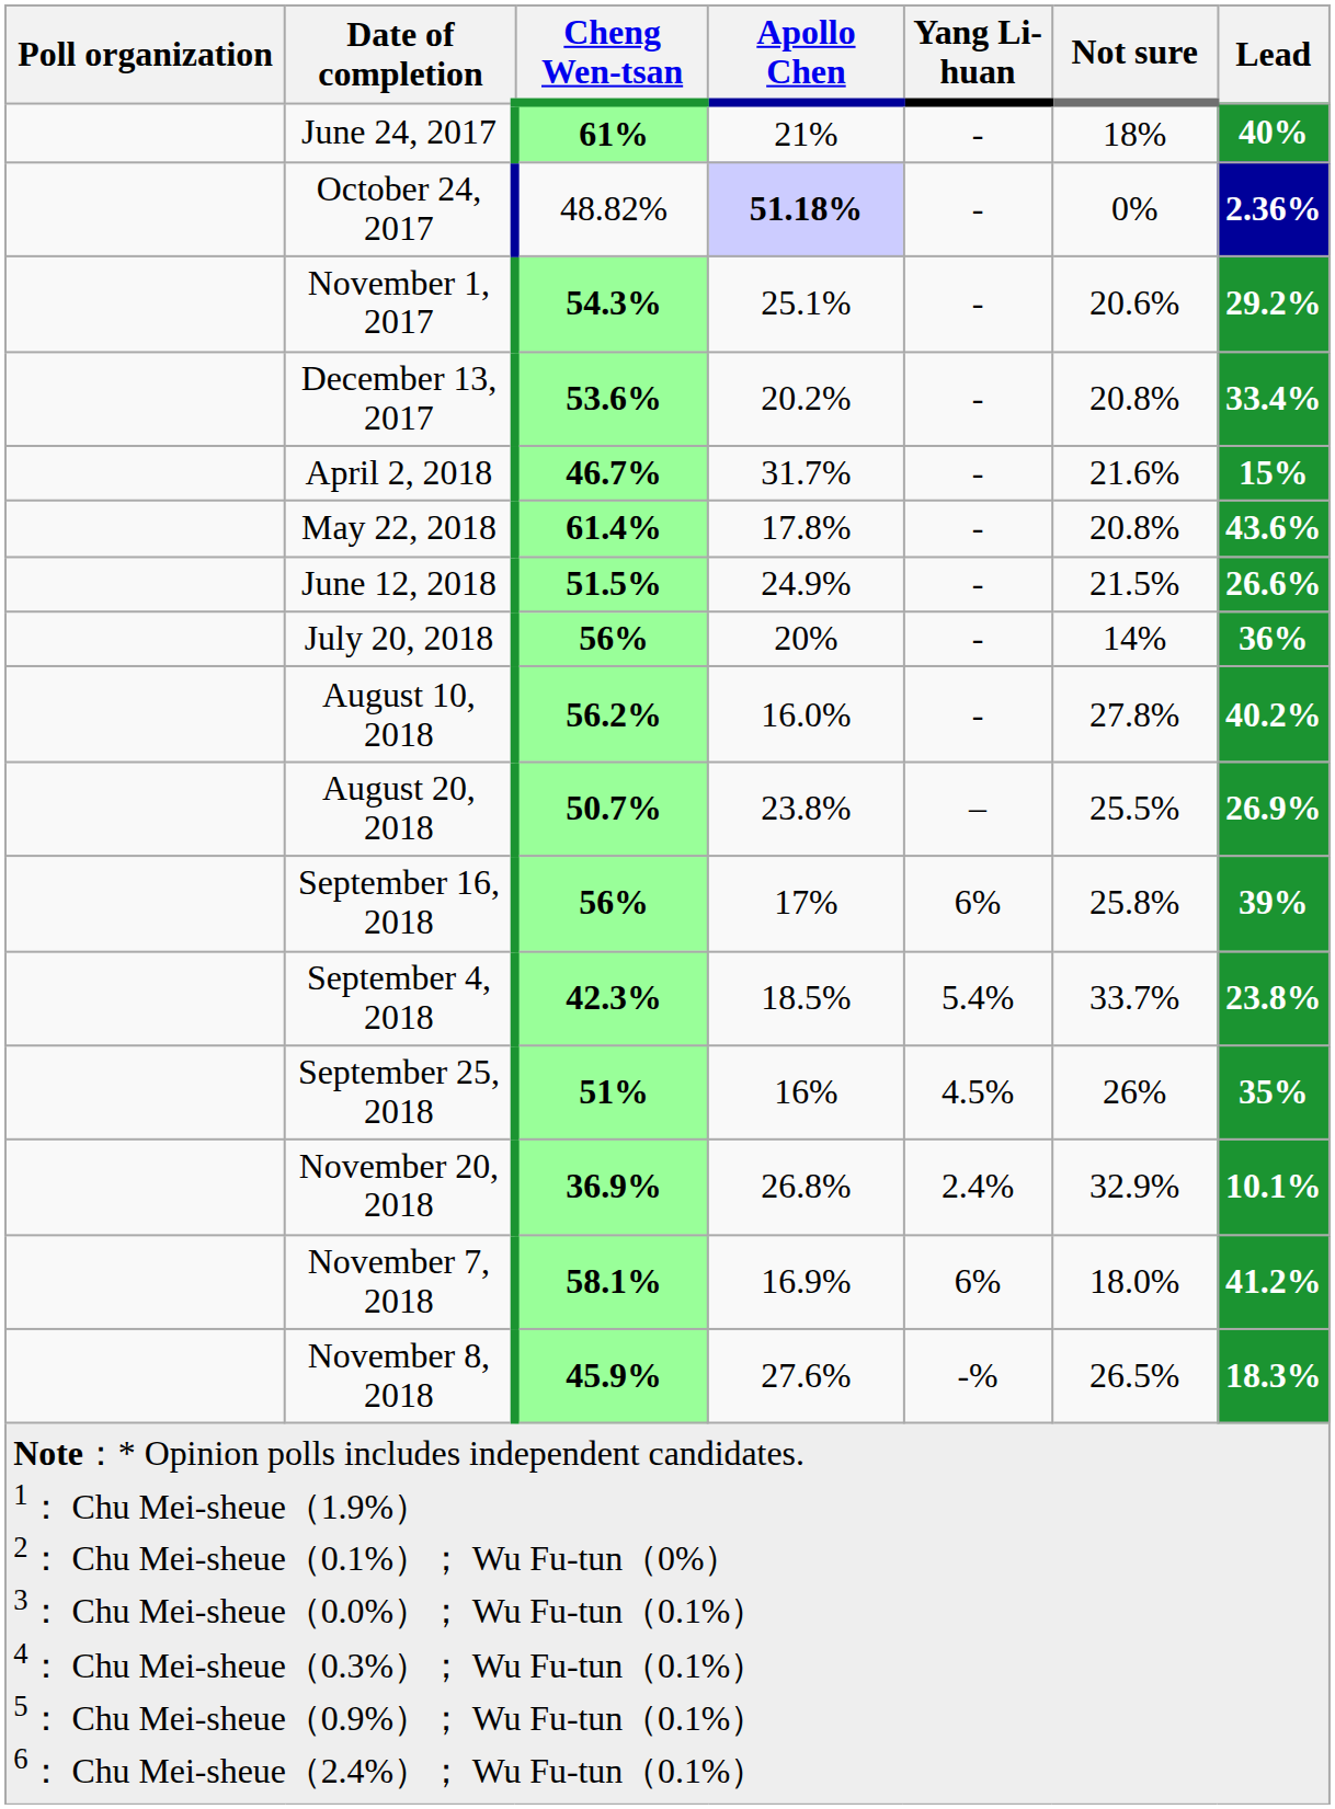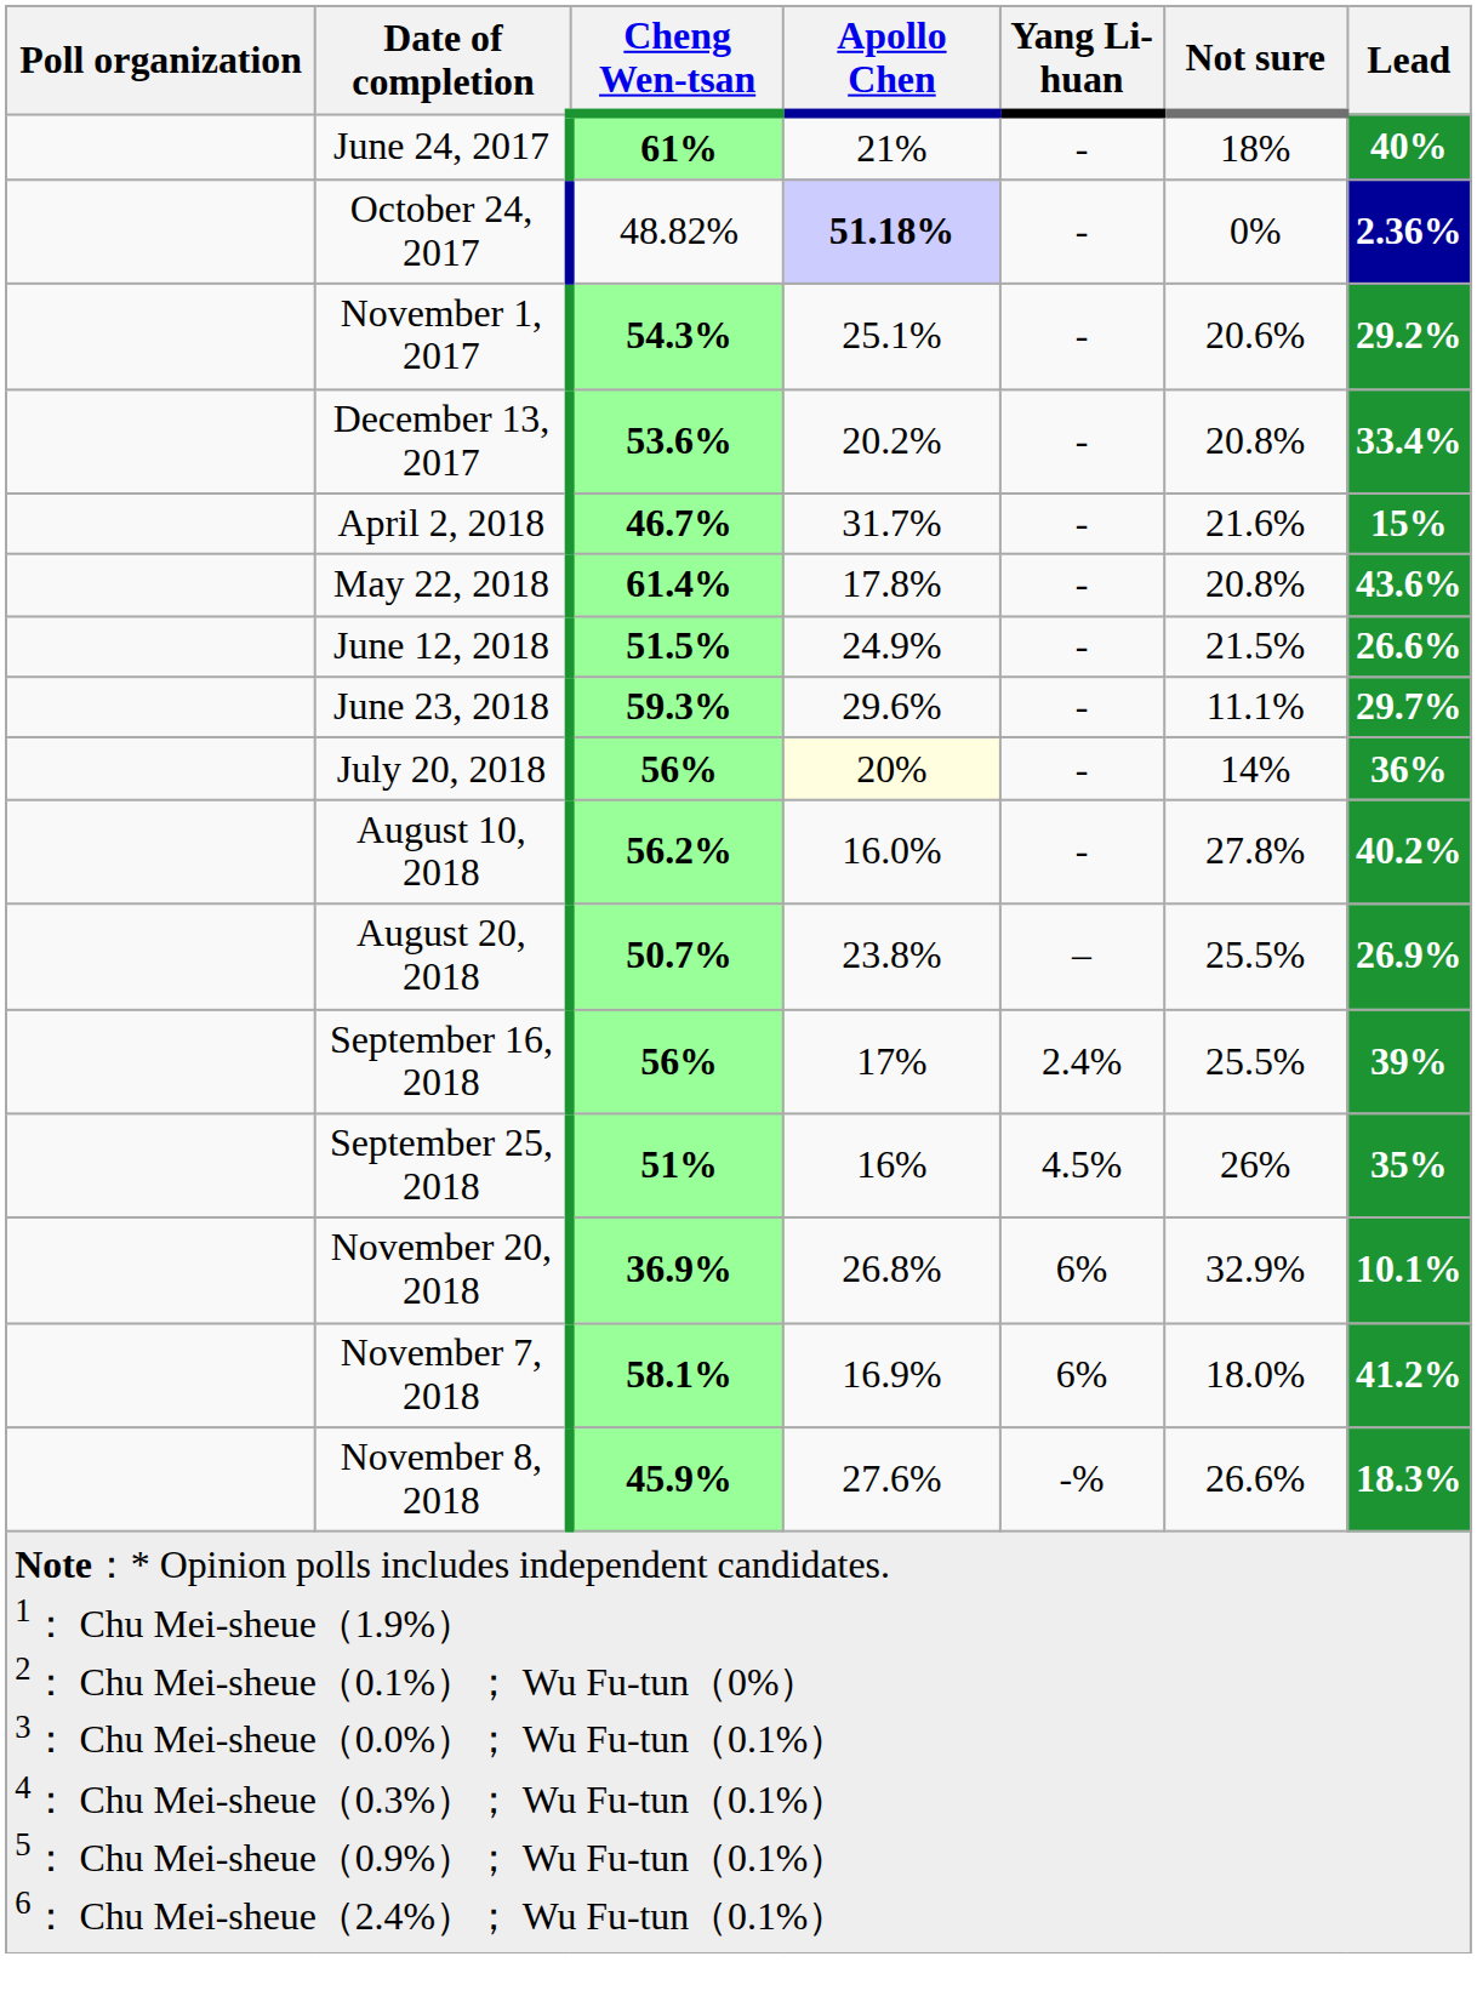 <table class="wikitable collapsible autocollapse" style="text-align:center">
 <tr style="background-color:# E9E9E9">
 <th style="width:200px;">Poll organization</th>
 <th style="width:150px;">Date of completion</th>
 <th style="width:150px; border-bottom:4px solid #1B9431;"> <a href='#'>Cheng Wen-tsan</a></th>
 <th style="width:150px; border-bottom:4px solid #000099;"> <a href='#'>Apollo Chen</a></th>
 <th style="width:120px; border-bottom:4px solid #000000;"> Yang Li-huan</th>
 <th style="width:130px; border-bottom:4px solid #707070;"> Not sure</th>
 <th style="width:40px;">Lead</th>
 </tr>
 <tr>
 <td></td>
 <td>June 24, 2017</td>
 <td style="background-color:#99FF99; border-left:4px solid #1B9431;"><strong>61%</strong></td>
 <td>21%</td>
 <td>-</td>
 <td>18%</td>
 <td style="background:#1B9431; color:white"><strong>40%</strong></td>
 </tr>
 <tr>
 <td></td>
 <td>October 24, 2017</td>
 <td style="border-left:4px solid #000099;">48.82%</td>
 <td style="background-color:#CCCCFF;"><strong>51.18%</strong></td>
 <td>-</td>
 <td>0%</td>
 <td style="background:#000099; color:white"><strong>2.36%</strong></td>
 </tr>
 <tr>
 <td></td>
 <td>November 1, 2017</td>
 <td style="background-color:#99FF99; border-left:4px solid #1B9431;"><strong>54.3%</strong></td>
 <td>25.1%</td>
 <td>-</td>
 <td>20.6%</td>
 <td style="background:#1B9431; color:white"><strong>29.2%</strong></td>
 </tr>
 <tr>
 <td></td>
 <td>December 13, 2017</td>
 <td style="background-color:#99FF99; border-left:4px solid #1B9431;"><strong>53.6%</strong></td>
 <td>20.2%</td>
 <td>-</td>
 <td>20.8%</td>
 <td style="background:#1B9431; color:white"><strong>33.4%</strong></td>
 </tr>
 <tr>
 <td></td>
 <td>April 2, 2018</td>
 <td style="background-color:#99FF99; border-left:4px solid #1B9431;"><strong>46.7%</strong></td>
 <td>31.7%</td>
 <td>-</td>
 <td>21.6%</td>
 <td style="background:#1B9431; color:white"><strong>15%</strong></td>
 </tr>
 <tr>
 <td></td>
 <td>May 22, 2018</td>
 <td style="background-color:#99FF99; border-left:4px solid #1B9431;"><strong>61.4%</strong></td>
 <td>17.8%</td>
 <td>-</td>
 <td>20.8%</td>
 <td style="background:#1B9431; color:white"><strong>43.6%</strong></td>
 </tr>
 <tr>
 <td></td>
 <td>June 12, 2018</td>
 <td style="background-color:#99FF99; border-left:4px solid #1B9431;"><strong>51.5%</strong></td>
 <td>24.9%</td>
 <td>-</td>
 <td>21.5%</td>
 <td style="background:#1B9431; color:white"><strong>26.6%</strong></td>
 </tr>
 <tr>
 <td></td>
+<td>June 23, 2018</td>
+<td style="background-color:#99FF99; border-left:4px solid #1B9431;"><strong>59.3%</strong></td>
+<td>29.6%</td>
+<td>-</td>
+<td>11.1%</td>
+<td style="background:#1B9431; color:white"><strong>29.7%</strong></td>
+</tr>
+<tr>
+<td></td>
 <td>July 20, 2018</td>
 <td style="background-color:#99FF99; border-left:4px solid #1B9431;"><strong>56%</strong></td>
-<td>20%</td>
+<td style="background: lightyellow;">20%</td>
 <td>-</td>
 <td>14%</td>
 <td style="background:#1B9431; color:white"><strong>36%</strong></td>
 </tr>
 <tr>
 <td></td>
 <td>August 10, 2018</td>
 <td style="background-color:#99FF99; border-left:4px solid #1B9431;"><strong>56.2%</strong></td>
 <td>16.0%</td>
 <td>-</td>
 <td>27.8%</td>
 <td style="background:#1B9431; color:white"><strong>40.2%</strong></td>
 </tr>
 <tr>
 <td></td>
 <td>August 20, 2018</td>
 <td style="background-color:#99FF99; border-left:4px solid #1B9431;"><strong>50.7%</strong></td>
 <td>23.8%</td>
 <td>–</td>
 <td>25.5%</td>
 <td style="background:#1B9431; color:white"><strong>26.9%</strong></td>
 </tr>
 <tr>
 <td></td>
 <td>September 16, 2018</td>
 <td style="background-color:#99FF99; border-left:4px solid #1B9431;"><strong>56%</strong></td>
 <td>17%</td>
-<td>6%</td>
-<td>25.8%</td>
+<td>2.4%</td>
+<td>25.5%</td>
 <td style="background:#1B9431; color:white"><strong>39%</strong></td>
-</tr>
-<tr>
-<td> </td>
-<td>September 4, 2018</td>
-<td style="background-color:#99FF99; border-left:4px solid #1B9431;"><strong>42.3%</strong></td>
-<td>18.5%</td>
-<td>5.4%</td>
-<td>33.7%</td>
-<td style="background:#1B9431; color:white"><strong>23.8%</strong></td>
 </tr>
 <tr>
 <td></td>
 <td>September 25, 2018</td>
 <td style="background-color:#99FF99; border-left:4px solid #1B9431;"><strong>51%</strong></td>
 <td>16%</td>
 <td>4.5%</td>
 <td>26%</td>
 <td style="background:#1B9431; color:white"><strong>35%</strong></td>
 </tr>
 <tr>
 <td></td>
 <td>November 20, 2018</td>
 <td style="background-color:#99FF99; border-left:4px solid #1B9431;"><strong>36.9%</strong></td>
 <td>26.8%</td>
-<td>2.4%</td>
+<td>6%</td>
 <td>32.9%</td>
 <td style="background:#1B9431; color:white"><strong>10.1%</strong></td>
 </tr>
 <tr>
 <td></td>
 <td>November 7, 2018</td>
 <td style="background-color:#99FF99; border-left:4px solid #1B9431;"><strong>58.1%</strong></td>
 <td>16.9%</td>
 <td>6%</td>
 <td>18.0%</td>
 <td style="background:#1B9431; color:white"><strong>41.2%</strong></td>
 </tr>
 <tr>
 <td></td>
 <td>November 8, 2018</td>
 <td style="background-color:#99FF99; border-left:4px solid #1B9431;"><strong>45.9%</strong></td>
 <td>27.6%</td>
 <td>-%</td>
-<td>26.5%</td>
+<td>26.6%</td>
 <td style="background:#1B9431; color:white"><strong>18.3%</strong></td>
 </tr>
 <tr>
 <td colspan="7" style="background-color:#EEEEEE;" align=left><div><strong>Note</strong>：* Opinion polls includes independent candidates.<br><sup>1</sup>： Chu Mei-sheue（1.9%）<br> <sup>2</sup>： Chu Mei-sheue（0.1%）； Wu Fu-tun（0%）<br> <sup>3</sup>： Chu Mei-sheue（0.0%）； Wu Fu-tun（0.1%）<br> <sup>4</sup>： Chu Mei-sheue（0.3%）； Wu Fu-tun（0.1%）<br> <sup>5</sup>： Chu Mei-sheue（0.9%）； Wu Fu-tun（0.1%）<br> <sup>6</sup>： Chu Mei-sheue（2.4%）； Wu Fu-tun（0.1%）<br> </div></td>
 </tr>
 </table>
